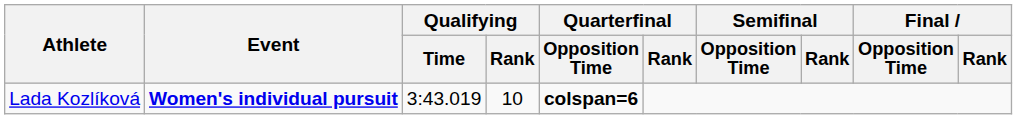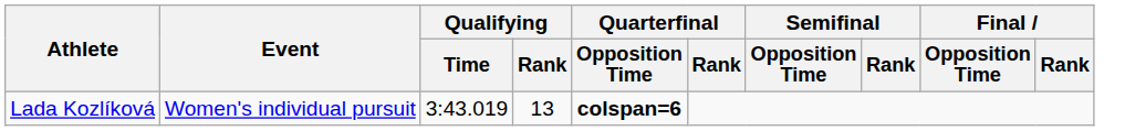 <table class=wikitable style=font-size:90%;text-align:center>
 <tr>
 <th rowspan=2>Athlete</th>
 <th rowspan=2>Event</th>
 <th colspan=2>Qualifying</th>
 <th colspan=2>Quarterfinal</th>
 <th colspan=2>Semifinal</th>
 <th colspan=2>Final / </th>
 </tr>
 <tr style=font-size:95%>
 <th>Time</th>
 <th>Rank</th>
 <th>Opposition<br>Time</th>
 <th>Rank</th>
 <th>Opposition<br>Time</th>
 <th>Rank</th>
 <th>Opposition<br>Time</th>
 <th>Rank</th>
 </tr>
 <tr>
 <td align=left><a href='#'>Lada Kozlíková</a></td>
-<td align=left><strong><a href='#'>Women's individual pursuit</a></strong></td>
+<td align=left><a href='#'>Women's individual pursuit</a></td>
 <td>3:43.019</td>
-<td>10</td>
+<td>13</td>
 <td><strong>colspan=6 </strong></td>
 </tr>
 </table>
